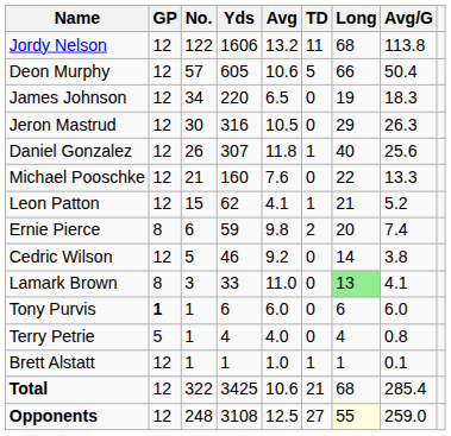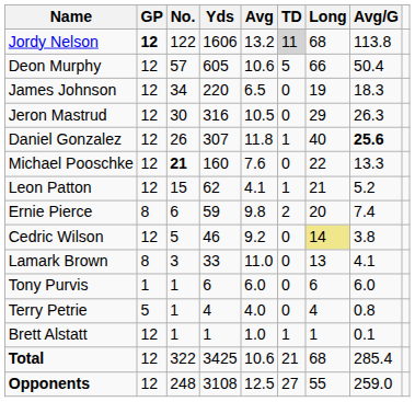 <table class="wikitable" style="white-space:nowrap;">
 <tr>
 <th>Name</th>
 <th>GP</th>
 <th>No.</th>
 <th>Yds</th>
 <th>Avg</th>
 <th>TD</th>
 <th>Long</th>
 <th>Avg/G</th>
 </tr>
 <tr>
 <td><a href='#'>Jordy Nelson</a></td>
-<td>12</td>
+<td><strong>12</strong></td>
 <td>122</td>
 <td>1606</td>
 <td>13.2</td>
-<td>11</td>
+<td style="background: lightgrey;">11</td>
 <td>68</td>
 <td>113.8</td>
 <td></td>
 </tr>
 <tr>
 <td>Deon Murphy</td>
 <td>12</td>
 <td>57</td>
 <td>605</td>
 <td>10.6</td>
 <td>5</td>
 <td>66</td>
 <td>50.4</td>
 <td></td>
 </tr>
 <tr>
 <td>James Johnson</td>
 <td>12</td>
 <td>34</td>
 <td>220</td>
 <td>6.5</td>
 <td>0</td>
 <td>19</td>
 <td>18.3</td>
 <td></td>
 </tr>
 <tr>
 <td>Jeron Mastrud</td>
 <td>12</td>
 <td>30</td>
 <td>316</td>
 <td>10.5</td>
 <td>0</td>
 <td>29</td>
 <td>26.3</td>
 <td></td>
 </tr>
 <tr>
 <td>Daniel Gonzalez</td>
 <td>12</td>
 <td>26</td>
 <td>307</td>
 <td>11.8</td>
 <td>1</td>
 <td>40</td>
-<td>25.6</td>
+<td><strong>25.6</strong></td>
 <td></td>
 </tr>
 <tr>
 <td>Michael Pooschke</td>
 <td>12</td>
-<td>21</td>
+<td><strong>21</strong></td>
 <td>160</td>
 <td>7.6</td>
 <td>0</td>
 <td>22</td>
 <td>13.3</td>
 <td></td>
 </tr>
 <tr>
 <td>Leon Patton</td>
 <td>12</td>
 <td>15</td>
 <td>62</td>
 <td>4.1</td>
 <td>1</td>
 <td>21</td>
 <td>5.2</td>
 <td></td>
 </tr>
 <tr>
 <td>Ernie Pierce</td>
 <td>8</td>
 <td>6</td>
 <td>59</td>
 <td>9.8</td>
 <td>2</td>
 <td>20</td>
 <td>7.4</td>
 <td></td>
 </tr>
 <tr>
 <td>Cedric Wilson</td>
 <td>12</td>
 <td>5</td>
 <td>46</td>
 <td>9.2</td>
 <td>0</td>
-<td>14</td>
+<td style="background: khaki;">14</td>
 <td>3.8</td>
 <td></td>
 </tr>
 <tr>
 <td>Lamark Brown</td>
 <td>8</td>
 <td>3</td>
 <td>33</td>
 <td>11.0</td>
 <td>0</td>
-<td style="background: lightgreen;">13</td>
+<td>13</td>
 <td>4.1</td>
 <td></td>
 </tr>
 <tr>
 <td>Tony Purvis</td>
-<td><strong>1</strong></td>
+<td>1</td>
 <td>1</td>
 <td>6</td>
 <td>6.0</td>
 <td>0</td>
 <td>6</td>
 <td>6.0</td>
 <td></td>
 </tr>
 <tr>
 <td>Terry Petrie</td>
 <td>5</td>
 <td>1</td>
 <td>4</td>
 <td>4.0</td>
 <td>0</td>
 <td>4</td>
 <td>0.8</td>
 <td></td>
 </tr>
 <tr>
 <td>Brett Alstatt</td>
 <td>12</td>
 <td>1</td>
 <td>1</td>
 <td>1.0</td>
 <td>1</td>
 <td>1</td>
 <td>0.1</td>
 <td></td>
 </tr>
 <tr>
 <td><strong>Total</strong></td>
 <td>12</td>
 <td>322</td>
 <td>3425</td>
 <td>10.6</td>
 <td>21</td>
 <td>68</td>
 <td>285.4</td>
 <td></td>
 </tr>
 <tr>
 <td><strong>Opponents</strong></td>
 <td>12</td>
 <td>248</td>
 <td>3108</td>
 <td>12.5</td>
 <td>27</td>
-<td style="background: lightyellow;">55</td>
+<td>55</td>
 <td>259.0</td>
 <td></td>
 </tr>
 </table>
